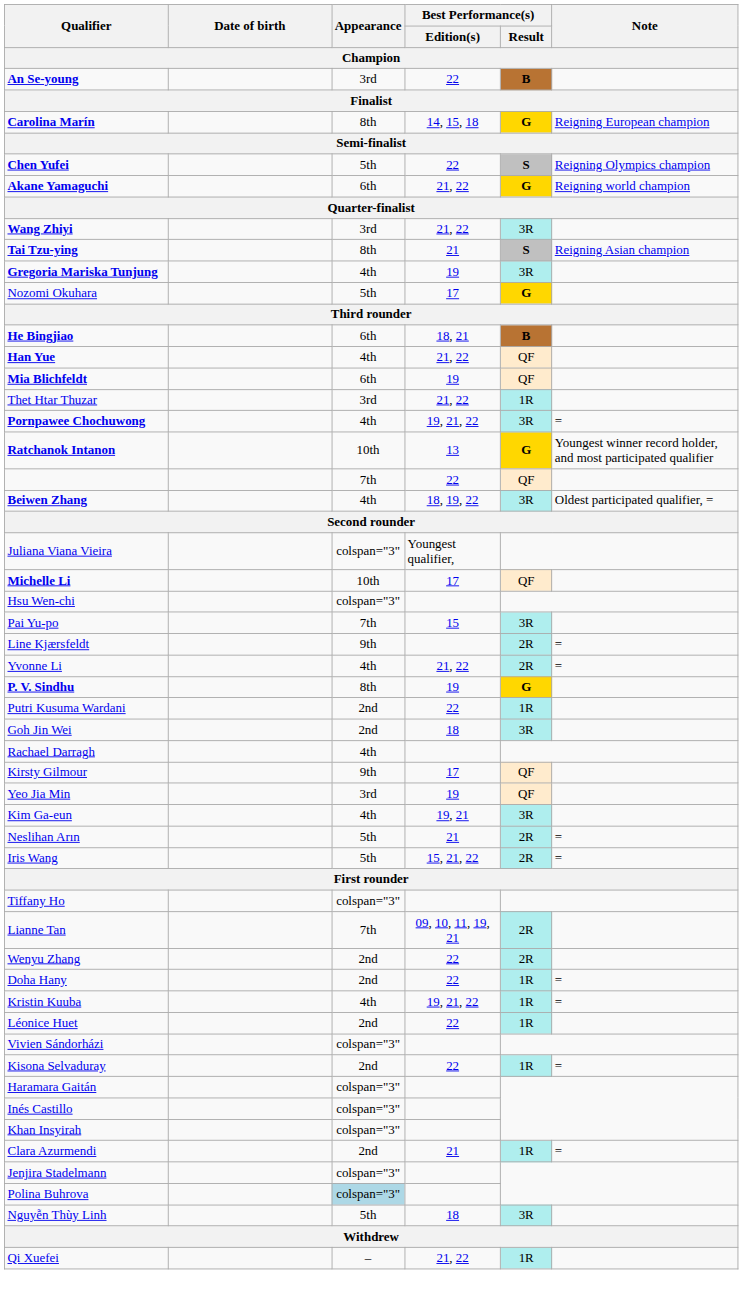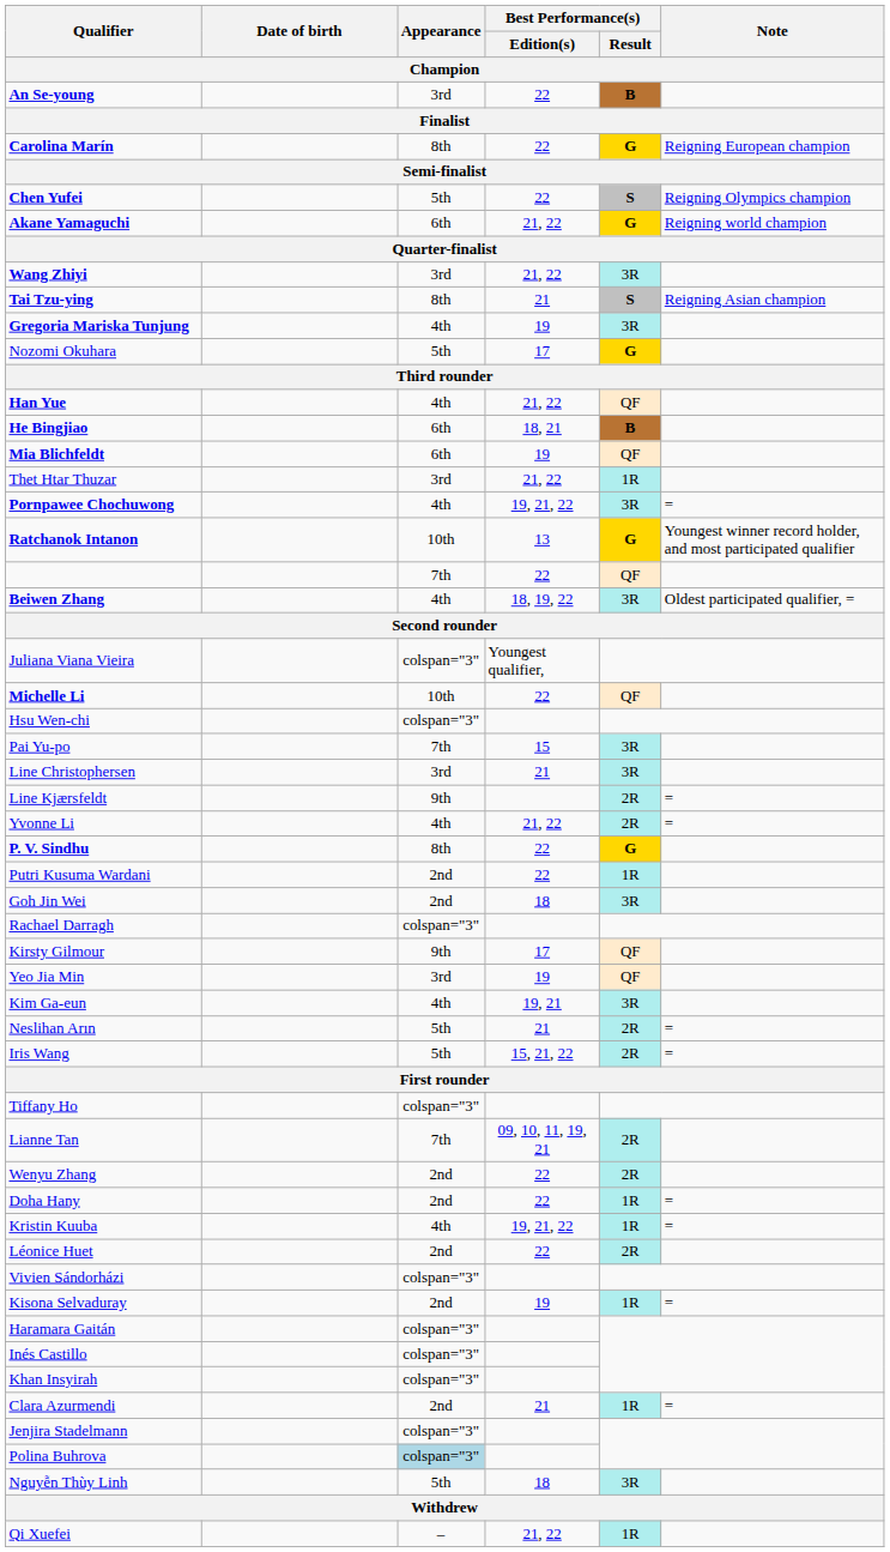 <table class="sortable wikitable" style="font-size:90%; text-align:center">
 <tr>
 <th rowspan="2" width="175">Qualifier</th>
 <th rowspan="2" width="175">Date of birth</th>
 <th rowspan="2" width="50">Appearance</th>
 <th colspan="2">Best Performance(s)</th>
 <th rowspan="2" width="200">Note</th>
 </tr>
 <tr>
 <th width="100">Edition(s)</th>
 <th width="50">Result</th>
 </tr>
 <tr>
 <th colspan="6">Champion</th>
 </tr>
 <tr>
 <td align="left"><strong> <a href='#'>An Se-young</a></strong></td>
 <td align="right"></td>
 <td>3rd</td>
 <td><a href='#'>22</a></td>
 <td bgcolor="#B87333"><strong>B</strong></td>
 <td align="left"></td>
 </tr>
 <tr>
 <th colspan="6">Finalist</th>
 </tr>
 <tr>
 <td align="left"><strong> <a href='#'>Carolina Marín</a></strong></td>
 <td align="right"></td>
 <td>8th</td>
-<td><a href='#'>14</a>, <a href='#'>15</a>, <a href='#'>18</a></td>
+<td><a href='#'>22</a></td>
 <td bgcolor="#FFD700"><strong>G</strong></td>
 <td align="left"><a href='#'>Reigning European champion</a></td>
 </tr>
 <tr>
 <th colspan="6">Semi-finalist</th>
 </tr>
 <tr>
 <td align="left"><strong> <a href='#'>Chen Yufei</a></strong></td>
 <td align="right"></td>
 <td>5th</td>
 <td><a href='#'>22</a></td>
 <td bgcolor="#C0C0C0"><strong>S</strong></td>
 <td align="left"><a href='#'>Reigning Olympics champion</a></td>
 </tr>
 <tr>
 <td align="left"><strong> <a href='#'>Akane Yamaguchi</a></strong></td>
 <td align="right"></td>
 <td>6th</td>
 <td><a href='#'>21</a>, <a href='#'>22</a></td>
 <td bgcolor="#FFD700"><strong>G</strong></td>
 <td align="left"><a href='#'>Reigning world champion</a></td>
 </tr>
 <tr>
 <th colspan="6">Quarter-finalist</th>
 </tr>
 <tr>
 <td align="left"><strong> <a href='#'>Wang Zhiyi</a></strong></td>
 <td align="right"></td>
 <td>3rd</td>
 <td><a href='#'>21</a>, <a href='#'>22</a></td>
 <td bgcolor="#AFEEEE">3R</td>
 <td align="left"></td>
 </tr>
 <tr>
 <td align="left"><strong> <a href='#'>Tai Tzu-ying</a></strong></td>
 <td align="right"></td>
 <td>8th</td>
 <td><a href='#'>21</a></td>
 <td bgcolor="#C0C0C0"><strong>S</strong></td>
 <td align="left"><a href='#'>Reigning Asian champion</a></td>
 </tr>
 <tr>
 <td align="left"><strong> <a href='#'>Gregoria Mariska Tunjung</a></strong></td>
 <td align="right"></td>
 <td>4th</td>
 <td><a href='#'>19</a></td>
 <td bgcolor="#AFEEEE">3R</td>
 <td align="left"></td>
 </tr>
 <tr>
 <td align="left"> <a href='#'>Nozomi Okuhara</a></td>
 <td align="right"></td>
 <td>5th</td>
 <td><a href='#'>17</a></td>
 <td bgcolor="#FFD700"><strong>G</strong></td>
 <td align="left"></td>
 </tr>
 <tr>
 <th colspan="6">Third rounder</th>
 </tr>
 <tr>
+<td align="left"><strong> <a href='#'>Han Yue</a></strong></td>
+<td align="right"></td>
+<td>4th</td>
+<td><a href='#'>21</a>, <a href='#'>22</a></td>
+<td bgcolor="#FFEBCD">QF</td>
+<td align="left"></td>
+</tr>
+<tr>
 <td align="left"><strong> <a href='#'>He Bingjiao</a></strong></td>
 <td align="right"></td>
 <td>6th</td>
 <td><a href='#'>18</a>, <a href='#'>21</a></td>
 <td bgcolor="#B87333"><strong>B</strong></td>
-<td align="left"></td>
-</tr>
-<tr>
-<td align="left"><strong> <a href='#'>Han Yue</a></strong></td>
-<td align="right"></td>
-<td>4th</td>
-<td><a href='#'>21</a>, <a href='#'>22</a></td>
-<td bgcolor="#FFEBCD">QF</td>
 <td align="left"></td>
 </tr>
 <tr>
 <td align="left"><strong> <a href='#'>Mia Blichfeldt</a></strong></td>
 <td align="right"></td>
 <td>6th</td>
 <td><a href='#'>19</a></td>
 <td bgcolor="#FFEBCD">QF</td>
 <td align="left"></td>
 </tr>
 <tr>
 <td align="left"> <a href='#'>Thet Htar Thuzar</a></td>
 <td align="right"></td>
 <td>3rd</td>
 <td><a href='#'>21</a>, <a href='#'>22</a></td>
 <td bgcolor="#AFEEEE">1R</td>
 <td align="left"></td>
 </tr>
 <tr>
 <td align="left"><strong> <a href='#'>Pornpawee Chochuwong</a></strong></td>
 <td align="right"></td>
 <td>4th</td>
 <td><a href='#'>19</a>, <a href='#'>21</a>, <a href='#'>22</a></td>
 <td bgcolor="#AFEEEE">3R</td>
 <td align="left">=</td>
 </tr>
 <tr>
 <td align="left"><strong> <a href='#'>Ratchanok Intanon</a></strong></td>
 <td align="right"></td>
 <td>10th</td>
 <td><a href='#'>13</a></td>
 <td bgcolor="#FFD700"><strong>G</strong></td>
 <td align="left">Youngest winner record holder, and most participated qualifier</td>
 </tr>
 <tr>
 <td align="left"><strong></strong></td>
 <td align="right"></td>
 <td>7th</td>
 <td><a href='#'>22</a></td>
 <td bgcolor="#FFEBCD">QF</td>
 <td align="left"></td>
 </tr>
 <tr>
 <td align="left"><strong> <a href='#'>Beiwen Zhang</a></strong></td>
 <td align="right"></td>
 <td>4th</td>
 <td><a href='#'>18</a>, <a href='#'>19</a>, <a href='#'>22</a></td>
 <td bgcolor="#AFEEEE">3R</td>
 <td align="left">Oldest participated qualifier, =</td>
 </tr>
 <tr>
 <th colspan="6">Second rounder</th>
 </tr>
 <tr>
 <td align="left"> <a href='#'>Juliana Viana Vieira</a></td>
 <td align="right"></td>
 <td>colspan="3" </td>
 <td align="left">Youngest qualifier, </td>
 </tr>
 <tr>
 <td align="left"><strong> <a href='#'>Michelle Li</a></strong></td>
 <td align="right"></td>
 <td>10th</td>
-<td><a href='#'>17</a></td>
+<td><a href='#'>22</a></td>
 <td bgcolor="#FFEBCD">QF</td>
 <td align="left"></td>
 </tr>
 <tr>
 <td align="left"> <a href='#'>Hsu Wen-chi</a></td>
 <td align="right"></td>
 <td>colspan="3" </td>
 <td align="left"></td>
 </tr>
 <tr>
 <td align="left"> <a href='#'>Pai Yu-po</a></td>
 <td align="right"></td>
 <td>7th</td>
 <td><a href='#'>15</a></td>
+<td bgcolor="#AFEEEE">3R</td>
+<td align="left"></td>
+</tr>
+<tr>
+<td align="left"> <a href='#'>Line Christophersen</a></td>
+<td align="right"></td>
+<td>3rd</td>
+<td><a href='#'>21</a></td>
 <td bgcolor="#AFEEEE">3R</td>
 <td align="left"></td>
 </tr>
 <tr>
 <td align="left"> <a href='#'>Line Kjærsfeldt</a></td>
 <td align="right"></td>
 <td>9th</td>
 <td></td>
 <td bgcolor="#AFEEEE">2R</td>
 <td align="left">=</td>
 </tr>
 <tr>
 <td align="left"> <a href='#'>Yvonne Li</a></td>
 <td align="right"></td>
 <td>4th</td>
 <td><a href='#'>21</a>, <a href='#'>22</a></td>
 <td bgcolor="#AFEEEE">2R</td>
 <td align="left">=</td>
 </tr>
 <tr>
 <td align="left"><strong> <a href='#'>P. V. Sindhu</a></strong></td>
 <td align="right"></td>
 <td>8th</td>
-<td><a href='#'>19</a></td>
+<td><a href='#'>22</a></td>
 <td bgcolor="#FFD700"><strong>G</strong></td>
 <td align="left"></td>
 </tr>
 <tr>
 <td align="left"> <a href='#'>Putri Kusuma Wardani</a></td>
 <td align="right"></td>
 <td>2nd</td>
 <td><a href='#'>22</a></td>
 <td bgcolor="#AFEEEE">1R</td>
 <td align="left"></td>
 </tr>
 <tr>
 <td align="left"> <a href='#'>Goh Jin Wei</a></td>
 <td align="right"></td>
 <td>2nd</td>
 <td><a href='#'>18</a></td>
 <td bgcolor="#AFEEEE">3R</td>
 <td align="left"></td>
 </tr>
 <tr>
 <td align="left"> <a href='#'>Rachael Darragh</a></td>
 <td align="right"></td>
-<td>4th</td>
+<td>colspan="3" </td>
 <td align="left"></td>
 </tr>
 <tr>
 <td align="left"> <a href='#'>Kirsty Gilmour</a></td>
 <td align="right"></td>
 <td>9th</td>
 <td><a href='#'>17</a></td>
 <td bgcolor="#FFEBCD">QF</td>
 <td align="left"></td>
 </tr>
 <tr>
 <td align="left"> <a href='#'>Yeo Jia Min</a></td>
 <td align="right"></td>
 <td>3rd</td>
 <td><a href='#'>19</a></td>
 <td bgcolor="#FFEBCD">QF</td>
 <td align="left"></td>
 </tr>
 <tr>
 <td align="left"> <a href='#'>Kim Ga-eun</a></td>
 <td align="right"></td>
 <td>4th</td>
 <td><a href='#'>19</a>, <a href='#'>21</a></td>
 <td bgcolor="#AFEEEE">3R</td>
 <td align="left"></td>
 </tr>
 <tr>
 <td align="left"> <a href='#'>Neslihan Arın</a></td>
 <td align="right"></td>
 <td>5th</td>
 <td><a href='#'>21</a></td>
 <td bgcolor="#AFEEEE">2R</td>
 <td align="left">=</td>
 </tr>
 <tr>
 <td align="left"> <a href='#'>Iris Wang</a></td>
 <td align="right"></td>
 <td>5th</td>
 <td><a href='#'>15</a>, <a href='#'>21</a>, <a href='#'>22</a></td>
 <td bgcolor="#AFEEEE">2R</td>
 <td align="left">=</td>
 </tr>
 <tr>
 <th colspan="6">First rounder</th>
 </tr>
 <tr>
 <td align="left"> <a href='#'>Tiffany Ho</a></td>
 <td align="right"></td>
 <td>colspan="3" </td>
 <td align="left"></td>
 </tr>
 <tr>
 <td align="left"> <a href='#'>Lianne Tan</a></td>
 <td align="right"></td>
 <td>7th</td>
 <td><a href='#'>09</a>, <a href='#'>10</a>, <a href='#'>11</a>, <a href='#'>19</a>, <a href='#'>21</a></td>
 <td bgcolor="#AFEEEE">2R</td>
 <td align="left"></td>
 </tr>
 <tr>
 <td align="left"> <a href='#'>Wenyu Zhang</a></td>
 <td align="right"></td>
 <td>2nd</td>
 <td><a href='#'>22</a></td>
 <td bgcolor="#AFEEEE">2R</td>
 <td align="left"></td>
 </tr>
 <tr>
 <td align="left"> <a href='#'>Doha Hany</a></td>
 <td align="right"></td>
 <td>2nd</td>
 <td><a href='#'>22</a></td>
 <td bgcolor="#AFEEEE">1R</td>
 <td align="left">=</td>
 </tr>
 <tr>
 <td align="left"> <a href='#'>Kristin Kuuba</a></td>
 <td align="right"></td>
 <td>4th</td>
 <td><a href='#'>19</a>, <a href='#'>21</a>, <a href='#'>22</a></td>
 <td bgcolor="#AFEEEE">1R</td>
 <td align="left">=</td>
 </tr>
 <tr>
 <td align="left"> <a href='#'>Léonice Huet</a></td>
 <td align="right"></td>
 <td>2nd</td>
 <td><a href='#'>22</a></td>
-<td bgcolor="#AFEEEE">1R</td>
+<td bgcolor="#AFEEEE">2R</td>
 <td align="left"></td>
 </tr>
 <tr>
 <td align="left"> <a href='#'>Vivien Sándorházi</a></td>
 <td align="right"></td>
 <td>colspan="3" </td>
 <td align="left"></td>
 </tr>
 <tr>
 <td align="left"> <a href='#'>Kisona Selvaduray</a></td>
 <td align="right"></td>
 <td>2nd</td>
-<td><a href='#'>22</a></td>
+<td><a href='#'>19</a></td>
 <td bgcolor="#AFEEEE">1R</td>
 <td align="left">=</td>
 </tr>
 <tr>
 <td align="left"> <a href='#'>Haramara Gaitán</a></td>
 <td align="right"></td>
 <td>colspan="3" </td>
 <td align="left"></td>
 </tr>
 <tr>
 <td align="left"> <a href='#'>Inés Castillo</a></td>
 <td align="right"></td>
 <td>colspan="3" </td>
 <td align="left"></td>
 </tr>
 <tr>
 <td align="left"> <a href='#'>Khan Insyirah</a></td>
 <td align="right"></td>
 <td>colspan="3" </td>
 <td align="left"></td>
 </tr>
 <tr>
 <td align="left"> <a href='#'>Clara Azurmendi</a></td>
 <td align="right"></td>
 <td>2nd</td>
 <td><a href='#'>21</a></td>
 <td bgcolor="#AFEEEE">1R</td>
 <td align="left">=</td>
 </tr>
 <tr>
 <td align="left"> <a href='#'>Jenjira Stadelmann</a></td>
 <td align="right"></td>
 <td>colspan="3" </td>
 <td align="left"></td>
 </tr>
 <tr>
 <td align="left"> <a href='#'>Polina Buhrova</a></td>
 <td align="right"></td>
 <td style="background: lightblue;">colspan="3" </td>
 <td align="left"></td>
 </tr>
 <tr>
 <td align="left"> <a href='#'>Nguyễn Thùy Linh</a></td>
 <td align="right"></td>
 <td>5th</td>
 <td><a href='#'>18</a></td>
 <td bgcolor="#AFEEEE">3R</td>
 <td align="left"></td>
 </tr>
 <tr>
 <th colspan="6">Withdrew</th>
 </tr>
 <tr>
 <td align="left"> <a href='#'>Qi Xuefei</a></td>
 <td align="right"></td>
 <td>–</td>
 <td><a href='#'>21</a>, <a href='#'>22</a></td>
 <td bgcolor="#AFEEEE">1R</td>
 <td align="left"></td>
 </tr>
 </table>
